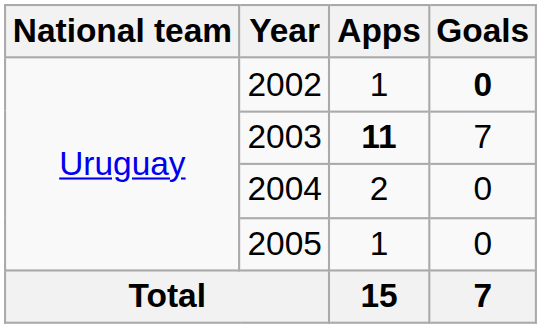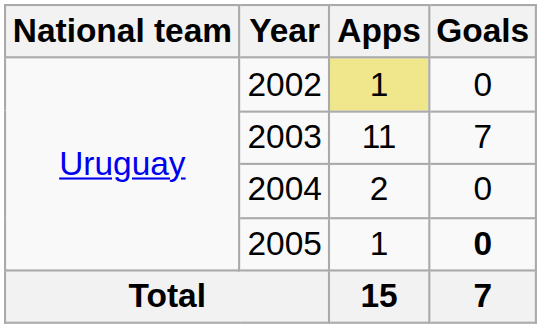 <table class="wikitable" style="text-align:center">
 <tr>
 <th>National team</th>
 <th>Year</th>
 <th>Apps</th>
 <th>Goals</th>
 </tr>
 <tr>
 <td rowspan="4"><a href='#'>Uruguay</a></td>
 <td>2002</td>
-<td>1</td>
-<td><strong>0</strong></td>
+<td style="background: khaki;">1</td>
+<td>0</td>
 </tr>
 <tr>
 <td>2003</td>
-<td><strong>11</strong></td>
+<td>11</td>
 <td>7</td>
 </tr>
 <tr>
 <td>2004</td>
 <td>2</td>
 <td>0</td>
 </tr>
 <tr>
 <td>2005</td>
 <td>1</td>
-<td>0</td>
+<td><strong>0</strong></td>
 </tr>
 <tr>
 <th colspan="2">Total</th>
 <th>15</th>
 <th>7</th>
 </tr>
 </table>
